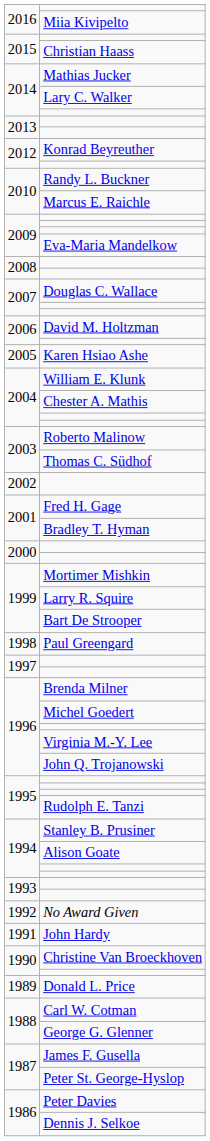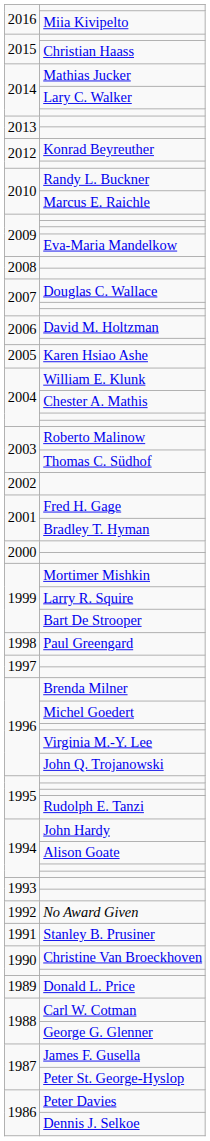 <table class="wikitable">
 <tr>
 <td rowspan=2>2016</td>
 <td></td>
 </tr>
 <tr>
 <td><a href='#'>Miia Kivipelto</a></td>
 </tr>
 <tr>
 <td rowspan=2>2015</td>
 <td></td>
 </tr>
 <tr>
 <td><a href='#'>Christian Haass</a></td>
 </tr>
 <tr>
 <td rowspan=3>2014</td>
 <td><a href='#'> Mathias Jucker</a></td>
 </tr>
 <tr>
 <td><a href='#'> Lary C. Walker</a></td>
 </tr>
 <tr>
 <td></td>
 </tr>
 <tr>
 <td rowspan=2>2013</td>
 <td></td>
 </tr>
 <tr>
 <td></td>
 </tr>
 <tr>
 <td rowspan=2>2012</td>
 <td><a href='#'>Konrad Beyreuther</a></td>
 </tr>
 <tr>
 <td></td>
 </tr>
 <tr>
 <td rowspan=2>2010</td>
 <td><a href='#'>Randy L. Buckner</a></td>
 </tr>
 <tr>
 <td><a href='#'>Marcus E. Raichle</a></td>
 </tr>
 <tr>
 <td rowspan=4>2009</td>
 <td></td>
 </tr>
 <tr>
 <td></td>
 </tr>
 <tr>
 <td></td>
 </tr>
 <tr>
 <td><a href='#'>Eva-Maria Mandelkow</a></td>
 </tr>
 <tr>
 <td rowspan=2>2008</td>
 <td></td>
 </tr>
 <tr>
 <td></td>
 </tr>
 <tr>
 <td rowspan=3>2007</td>
 <td><a href='#'>Douglas C. Wallace</a></td>
 </tr>
 <tr>
 <td></td>
 </tr>
 <tr>
 <td></td>
 </tr>
 <tr>
 <td rowspan=2>2006</td>
 <td><a href='#'>David M. Holtzman</a></td>
 </tr>
 <tr>
 <td></td>
 </tr>
 <tr>
 <td rowspan=1>2005</td>
 <td><a href='#'>Karen Hsiao Ashe</a></td>
 </tr>
 <tr>
 <td rowspan=4>2004</td>
 <td><a href='#'>William E. Klunk</a></td>
 </tr>
 <tr>
 <td><a href='#'>Chester A. Mathis</a></td>
 </tr>
 <tr>
 <td></td>
 </tr>
 <tr>
 <td></td>
 </tr>
 <tr>
 <td rowspan=2>2003</td>
 <td><a href='#'>Roberto Malinow</a></td>
 </tr>
 <tr>
 <td><a href='#'>Thomas C. Südhof</a></td>
 </tr>
 <tr>
 <td rowspan=1>2002</td>
 <td></td>
 </tr>
 <tr>
 <td rowspan=2>2001</td>
 <td><a href='#'>Fred H. Gage</a></td>
 </tr>
 <tr>
 <td><a href='#'>Bradley T. Hyman</a></td>
 </tr>
 <tr>
 <td rowspan=2>2000</td>
 <td></td>
 </tr>
 <tr>
 <td></td>
 </tr>
 <tr>
 <td rowspan=3>1999</td>
 <td><a href='#'>Mortimer Mishkin</a></td>
 </tr>
 <tr>
 <td><a href='#'>Larry R. Squire</a></td>
 </tr>
 <tr>
 <td><a href='#'>Bart De Strooper</a></td>
 </tr>
 <tr>
 <td rowspan=1>1998</td>
 <td><a href='#'>Paul Greengard</a></td>
 </tr>
 <tr>
 <td rowspan=2>1997</td>
 <td></td>
 </tr>
 <tr>
 <td></td>
 </tr>
 <tr>
 <td rowspan=5>1996</td>
 <td><a href='#'>Brenda Milner</a></td>
 </tr>
 <tr>
 <td><a href='#'>Michel Goedert</a></td>
 </tr>
 <tr>
 <td></td>
 </tr>
 <tr>
 <td><a href='#'>Virginia M.-Y. Lee</a></td>
 </tr>
 <tr>
 <td><a href='#'>John Q. Trojanowski</a></td>
 </tr>
 <tr>
 <td rowspan=4>1995</td>
 <td></td>
 </tr>
 <tr>
 <td></td>
 </tr>
 <tr>
 <td></td>
 </tr>
 <tr>
 <td><a href='#'>Rudolph E. Tanzi</a></td>
 </tr>
 <tr>
 <td rowspan=4>1994</td>
-<td><a href='#'>Stanley B. Prusiner</a></td>
+<td><a href='#'>John Hardy</a></td>
 </tr>
 <tr>
 <td><a href='#'>Alison Goate</a></td>
 </tr>
 <tr>
 <td></td>
 </tr>
 <tr>
 <td></td>
 </tr>
 <tr>
 <td rowspan=2>1993</td>
 <td></td>
 </tr>
 <tr>
 <td></td>
 </tr>
 <tr>
 <td rowspan=1>1992</td>
 <td><em>No Award Given</em></td>
 </tr>
 <tr>
 <td rowspan=1>1991</td>
-<td><a href='#'>John Hardy</a></td>
+<td><a href='#'>Stanley B. Prusiner</a></td>
 </tr>
 <tr>
 <td rowspan=2>1990</td>
 <td><a href='#'>Christine Van Broeckhoven</a></td>
 </tr>
 <tr>
 <td></td>
 </tr>
 <tr>
 <td rowspan=1>1989</td>
 <td><a href='#'>Donald L. Price</a></td>
 </tr>
 <tr>
 <td rowspan=2>1988</td>
 <td><a href='#'>Carl W. Cotman</a></td>
 </tr>
 <tr>
 <td><a href='#'>George G. Glenner</a></td>
 </tr>
 <tr>
 <td rowspan=2>1987</td>
 <td><a href='#'>James F. Gusella</a></td>
 </tr>
 <tr>
 <td><a href='#'>Peter St. George-Hyslop</a></td>
 </tr>
 <tr>
 <td rowspan=2>1986</td>
 <td><a href='#'>Peter Davies</a></td>
 </tr>
 <tr>
 <td><a href='#'>Dennis J. Selkoe</a></td>
 </tr>
 </table>
